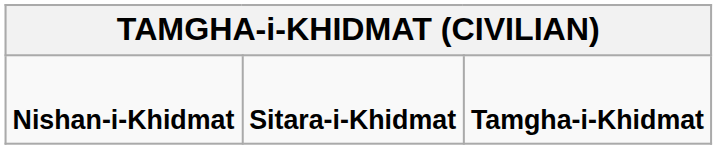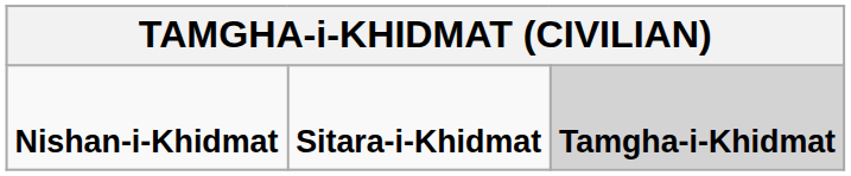 <table class="wikitable" style="margin: 1em auto;">
 <tr>
 <th colspan="3"><strong>TAMGHA-i-KHIDMAT</strong> (CIVILIAN)</th>
 </tr>
 <tr align="center">
 <td><br><strong><small>Nishan-i-Khidmat</small></strong></td>
 <td><br><strong><small>Sitara-i-Khidmat</small></strong></td>
-<td><br><strong><small>Tamgha-i-Khidmat</small></strong></td>
+<td style="background: lightgrey;"><br><strong><small>Tamgha-i-Khidmat</small></strong></td>
 </tr>
 </table>
